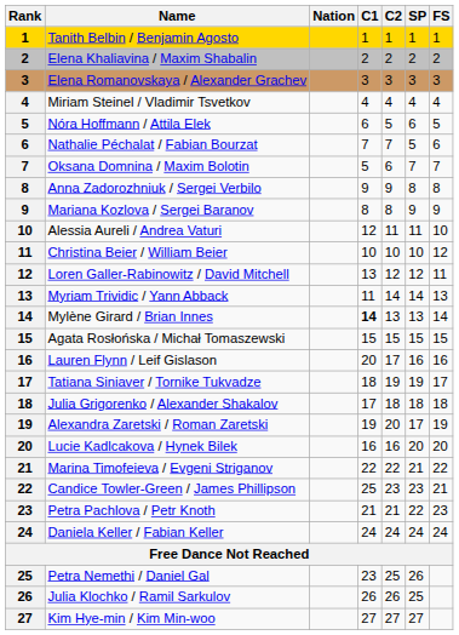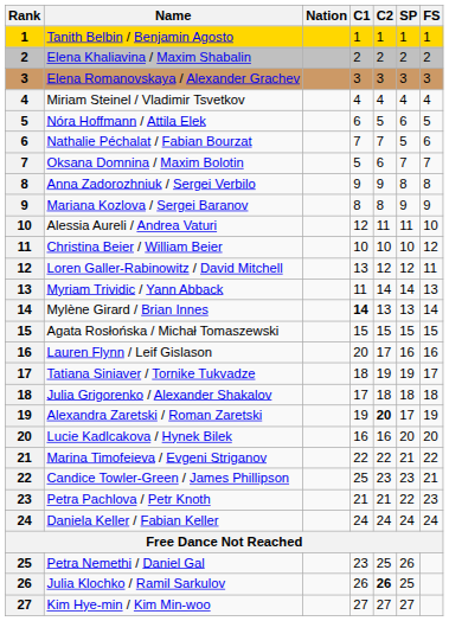 <table class="wikitable">
 <tr>
 <th>Rank</th>
 <th>Name</th>
 <th>Nation</th>
 <th>C1</th>
 <th>C2</th>
 <th>SP</th>
 <th>FS</th>
 </tr>
 <tr bgcolor=gold>
 <td align=center><strong>1</strong></td>
 <td><a href='#'>Tanith Belbin</a> / <a href='#'>Benjamin Agosto</a></td>
 <td></td>
 <td>1</td>
 <td>1</td>
 <td>1</td>
 <td>1</td>
 </tr>
 <tr bgcolor=silver>
 <td align=center><strong>2</strong></td>
 <td><a href='#'>Elena Khaliavina</a> / <a href='#'>Maxim Shabalin</a></td>
 <td></td>
 <td>2</td>
 <td>2</td>
 <td>2</td>
 <td>2</td>
 </tr>
 <tr bgcolor=cc9966>
 <td align=center><strong>3</strong></td>
 <td><a href='#'>Elena Romanovskaya</a> / <a href='#'>Alexander Grachev</a></td>
 <td></td>
 <td>3</td>
 <td>3</td>
 <td>3</td>
 <td>3</td>
 </tr>
 <tr>
 <th>4</th>
 <td>Miriam Steinel / Vladimir Tsvetkov</td>
 <td></td>
 <td>4</td>
 <td>4</td>
 <td>4</td>
 <td>4</td>
 </tr>
 <tr>
 <th>5</th>
 <td><a href='#'>Nóra Hoffmann</a> / <a href='#'>Attila Elek</a></td>
 <td></td>
 <td>6</td>
 <td>5</td>
 <td>6</td>
 <td>5</td>
 </tr>
 <tr>
 <th>6</th>
 <td><a href='#'>Nathalie Péchalat</a> / <a href='#'>Fabian Bourzat</a></td>
 <td></td>
 <td>7</td>
 <td>7</td>
 <td>5</td>
 <td>6</td>
 </tr>
 <tr>
 <th>7</th>
 <td><a href='#'>Oksana Domnina</a> / <a href='#'>Maxim Bolotin</a></td>
 <td></td>
 <td>5</td>
 <td>6</td>
 <td>7</td>
 <td>7</td>
 </tr>
 <tr>
 <th>8</th>
 <td><a href='#'>Anna Zadorozhniuk</a> / <a href='#'>Sergei Verbilo</a></td>
 <td></td>
 <td>9</td>
 <td>9</td>
 <td>8</td>
 <td>8</td>
 </tr>
 <tr>
 <th>9</th>
 <td><a href='#'>Mariana Kozlova</a> / <a href='#'>Sergei Baranov</a></td>
 <td></td>
 <td>8</td>
 <td>8</td>
 <td>9</td>
 <td>9</td>
 </tr>
 <tr>
 <th>10</th>
 <td>Alessia Aureli / <a href='#'>Andrea Vaturi</a></td>
 <td></td>
 <td>12</td>
 <td>11</td>
 <td>11</td>
 <td>10</td>
 </tr>
 <tr>
 <th>11</th>
 <td><a href='#'>Christina Beier</a> / <a href='#'>William Beier</a></td>
 <td></td>
 <td>10</td>
 <td>10</td>
 <td>10</td>
 <td>12</td>
 </tr>
 <tr>
 <th>12</th>
 <td><a href='#'>Loren Galler-Rabinowitz</a> / <a href='#'>David Mitchell</a></td>
 <td></td>
 <td>13</td>
 <td>12</td>
 <td>12</td>
 <td>11</td>
 </tr>
 <tr>
 <th>13</th>
 <td><a href='#'>Myriam Trividic</a> / <a href='#'>Yann Abback</a></td>
 <td></td>
 <td>11</td>
 <td>14</td>
 <td>14</td>
 <td>13</td>
 </tr>
 <tr>
 <th>14</th>
 <td>Mylène Girard / <a href='#'>Brian Innes</a></td>
 <td></td>
 <td><strong>14</strong></td>
 <td>13</td>
 <td>13</td>
 <td>14</td>
 </tr>
 <tr>
 <th>15</th>
 <td>Agata Rosłońska / Michał Tomaszewski</td>
 <td></td>
 <td>15</td>
 <td>15</td>
 <td>15</td>
 <td>15</td>
 </tr>
 <tr>
 <th>16</th>
 <td><a href='#'>Lauren Flynn</a> / Leif Gislason</td>
 <td></td>
 <td>20</td>
 <td>17</td>
 <td>16</td>
 <td>16</td>
 </tr>
 <tr>
 <th>17</th>
 <td><a href='#'>Tatiana Siniaver</a> / <a href='#'>Tornike Tukvadze</a></td>
 <td></td>
 <td>18</td>
 <td>19</td>
 <td>19</td>
 <td>17</td>
 </tr>
 <tr>
 <th>18</th>
 <td><a href='#'>Julia Grigorenko</a> / <a href='#'>Alexander Shakalov</a></td>
 <td></td>
 <td>17</td>
 <td>18</td>
 <td>18</td>
 <td>18</td>
 </tr>
 <tr>
 <th>19</th>
 <td><a href='#'>Alexandra Zaretski</a> / <a href='#'>Roman Zaretski</a></td>
 <td></td>
 <td>19</td>
-<td>20</td>
+<td><strong>20</strong></td>
 <td>17</td>
 <td>19</td>
 </tr>
 <tr>
 <th>20</th>
 <td><a href='#'>Lucie Kadlcakova</a> / <a href='#'>Hynek Bilek</a></td>
 <td></td>
 <td>16</td>
 <td>16</td>
 <td>20</td>
 <td>20</td>
 </tr>
 <tr>
 <th>21</th>
 <td><a href='#'>Marina Timofeieva</a> / <a href='#'>Evgeni Striganov</a></td>
 <td></td>
 <td>22</td>
 <td>22</td>
 <td>21</td>
 <td>22</td>
 </tr>
 <tr>
 <th>22</th>
 <td><a href='#'>Candice Towler-Green</a> / <a href='#'>James Phillipson</a></td>
 <td></td>
 <td>25</td>
 <td>23</td>
 <td>23</td>
 <td>21</td>
 </tr>
 <tr>
 <th>23</th>
 <td><a href='#'>Petra Pachlova</a> / <a href='#'>Petr Knoth</a></td>
 <td></td>
 <td>21</td>
 <td>21</td>
 <td>22</td>
 <td>23</td>
 </tr>
 <tr>
 <th>24</th>
 <td><a href='#'>Daniela Keller</a> / <a href='#'>Fabian Keller</a></td>
 <td></td>
 <td>24</td>
 <td>24</td>
 <td>24</td>
 <td>24</td>
 </tr>
 <tr>
 <th colspan=7>Free Dance Not Reached</th>
 </tr>
 <tr>
 <th>25</th>
 <td><a href='#'>Petra Nemethi</a> / <a href='#'>Daniel Gal</a></td>
 <td></td>
 <td>23</td>
 <td>25</td>
 <td>26</td>
 <td></td>
 </tr>
 <tr>
 <th>26</th>
 <td><a href='#'>Julia Klochko</a> / <a href='#'>Ramil Sarkulov</a></td>
 <td></td>
 <td>26</td>
-<td>26</td>
+<td><strong>26</strong></td>
 <td>25</td>
 <td></td>
 </tr>
 <tr>
 <th>27</th>
 <td><a href='#'>Kim Hye-min</a> / <a href='#'>Kim Min-woo</a></td>
 <td></td>
 <td>27</td>
 <td>27</td>
 <td>27</td>
 <td></td>
 </tr>
 </table>
